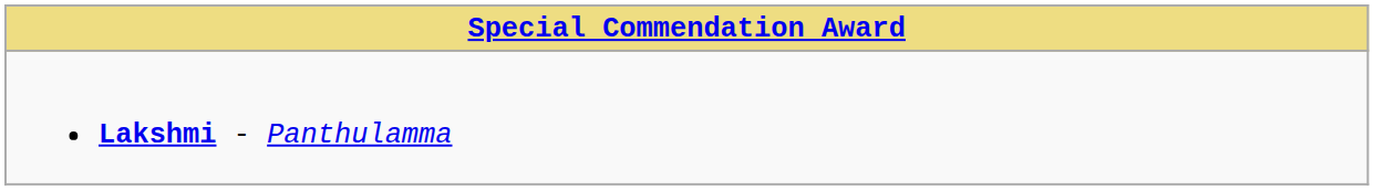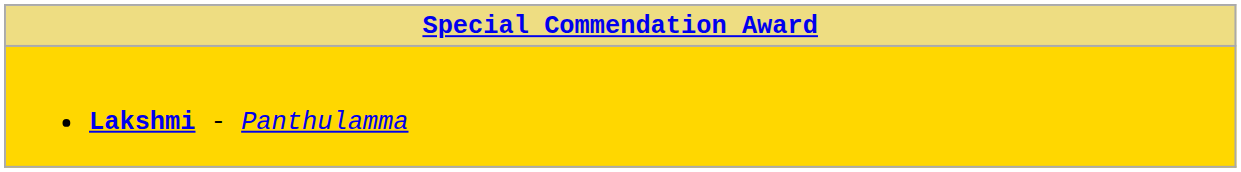 <table class="wikitable" width=50% |>
 <tr>
 <th !  style="background:#eedd82; text-align:center; width:50%;"><a href='#'>Special Commendation Award</a></th>
 </tr>
 <tr>
-<td valign="top"><br><ul><li><strong><a href='#'>Lakshmi</a></strong> - <em><a href='#'>Panthulamma</a></em></li></ul></td>
+<td valign="top" style="background: gold;"><br><ul><li><strong><a href='#'>Lakshmi</a></strong> - <em><a href='#'>Panthulamma</a></em></li></ul></td>
 </tr>
 </table>
